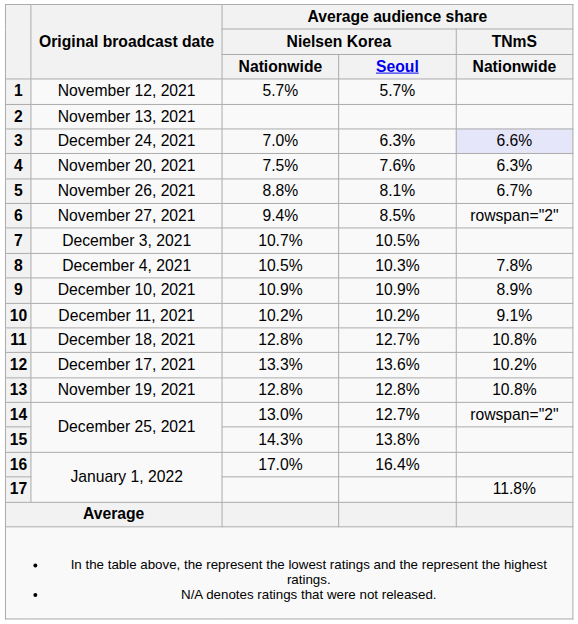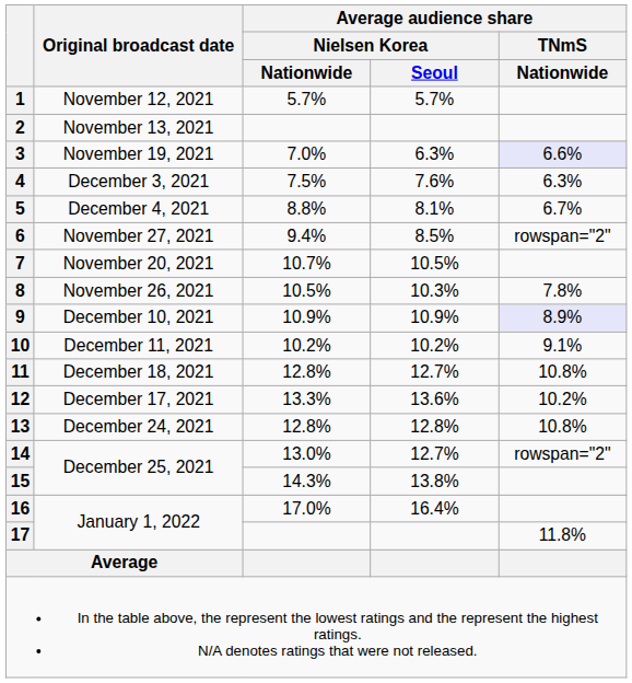 <table class="wikitable" style="text-align:center; max-width:580px; margin-left:auto; margin-right:auto">
 <tr>
 <th scope="col" rowspan="3"></th>
 <th scope="col" rowspan="3">Original broadcast date</th>
 <th scope="col" colspan="3">Average audience share</th>
 </tr>
 <tr>
 <th scope="col" colspan="2">Nielsen Korea</th>
 <th scope="col">TNmS</th>
 </tr>
 <tr>
 <th scope="col" style="width:7em">Nationwide</th>
 <th scope="col" style="width:7em"><a href='#'>Seoul</a></th>
 <th scope="col" style="width:7em">Nationwide</th>
 </tr>
 <tr>
 <th scope="col">1</th>
 <td>November 12, 2021</td>
 <td>5.7% </td>
 <td>5.7% </td>
 <td></td>
 </tr>
 <tr>
 <th scope="col">2</th>
 <td>November 13, 2021</td>
 <td><strong></strong> </td>
 <td><strong></strong> </td>
 <td><strong></strong> </td>
 </tr>
 <tr>
 <th scope="col">3</th>
-<td>December 24, 2021</td>
+<td>November 19, 2021</td>
 <td>7.0% </td>
 <td>6.3% </td>
 <td style="background: lavender;">6.6% </td>
 </tr>
 <tr>
 <th scope="col">4</th>
-<td>November 20, 2021</td>
+<td>December 3, 2021</td>
 <td>7.5% </td>
 <td>7.6% </td>
 <td>6.3% </td>
 </tr>
 <tr>
 <th scope="col">5</th>
-<td>November 26, 2021</td>
+<td>December 4, 2021</td>
 <td>8.8% </td>
 <td>8.1% </td>
 <td>6.7% </td>
 </tr>
 <tr>
 <th scope="col">6</th>
 <td>November 27, 2021</td>
 <td>9.4% </td>
 <td>8.5% </td>
 <td>rowspan="2" </td>
 </tr>
 <tr>
 <th scope="col">7</th>
-<td>December 3, 2021</td>
+<td>November 20, 2021</td>
 <td>10.7% </td>
 <td>10.5% </td>
 </tr>
 <tr>
 <th scope="col">8</th>
-<td>December 4, 2021</td>
+<td>November 26, 2021</td>
 <td>10.5% </td>
 <td>10.3% </td>
 <td>7.8% </td>
 </tr>
 <tr>
 <th scope="col">9</th>
 <td>December 10, 2021</td>
 <td>10.9% </td>
 <td>10.9% </td>
-<td>8.9% </td>
+<td style="background: lavender;">8.9% </td>
 </tr>
 <tr>
 <th scope="col">10</th>
 <td>December 11, 2021</td>
 <td>10.2% </td>
 <td>10.2% </td>
 <td>9.1% </td>
 </tr>
 <tr>
 <th scope="col">11</th>
 <td>December 18, 2021</td>
 <td>12.8% </td>
 <td>12.7% </td>
 <td>10.8% </td>
 </tr>
 <tr>
 <th scope="col">12</th>
 <td>December 17, 2021</td>
 <td>13.3% </td>
 <td>13.6% </td>
 <td>10.2% </td>
 </tr>
 <tr>
 <th scope="col">13</th>
-<td>November 19, 2021</td>
+<td>December 24, 2021</td>
 <td>12.8% </td>
 <td>12.8% </td>
 <td>10.8% </td>
 </tr>
 <tr>
 <th scope="col">14</th>
 <td rowspan="2">December 25, 2021</td>
 <td>13.0% </td>
 <td>12.7% </td>
 <td>rowspan="2" </td>
 </tr>
 <tr>
 <th scope="col">15</th>
 <td>14.3% </td>
 <td>13.8% </td>
 </tr>
 <tr>
 <th scope="col">16</th>
 <td rowspan="2">January 1, 2022</td>
 <td>17.0% </td>
 <td>16.4% </td>
 <td><strong></strong> </td>
 </tr>
 <tr>
 <th scope="col">17</th>
 <td><strong></strong> </td>
 <td><strong></strong> </td>
 <td>11.8% </td>
 </tr>
 <tr>
 <th scope="col" colspan="2">Average</th>
 <th scope="col"></th>
 <th scope="col"></th>
 <th scope="col"></th>
 </tr>
 <tr>
 <td colspan="5" style="font-size:85%"><br><ul><li>In the table above, the <strong></strong> represent the lowest ratings and the <strong></strong> represent the highest ratings.</li><li>N/A denotes ratings that were not released.</li></ul></td>
 </tr>
 </table>
